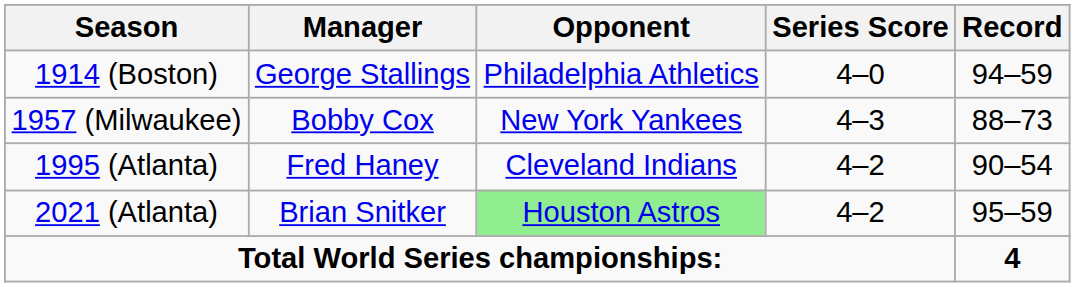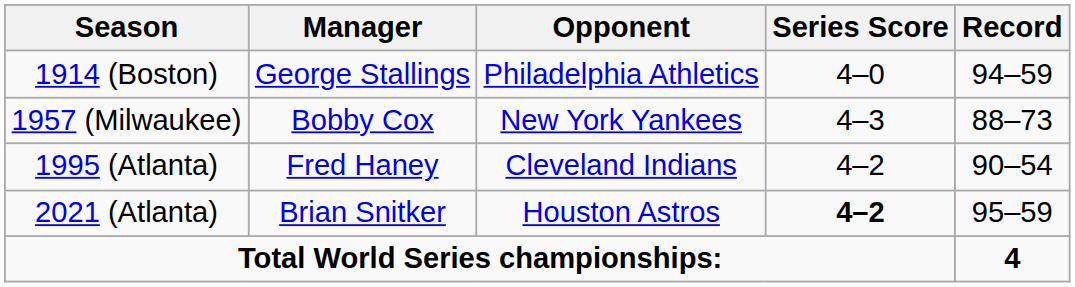 <table class=wikitable>
 <tr>
 <th>Season</th>
 <th>Manager</th>
 <th>Opponent</th>
 <th>Series Score</th>
 <th>Record</th>
 </tr>
 <tr style="text-align:center;">
 <td><a href='#'>1914</a> (Boston)</td>
 <td><a href='#'>George Stallings</a></td>
 <td><a href='#'>Philadelphia Athletics</a></td>
 <td>4–0</td>
 <td>94–59</td>
 </tr>
 <tr style="text-align:center;">
 <td><a href='#'>1957</a> (Milwaukee)</td>
 <td><a href='#'>Bobby Cox</a></td>
 <td><a href='#'>New York Yankees</a></td>
 <td>4–3</td>
 <td>88–73</td>
 </tr>
 <tr style="text-align:center;">
 <td><a href='#'>1995</a> (Atlanta)</td>
 <td><a href='#'>Fred Haney</a></td>
 <td><a href='#'>Cleveland Indians</a></td>
 <td>4–2</td>
 <td>90–54</td>
 </tr>
 <tr style="text-align:center;">
 <td><a href='#'>2021</a> (Atlanta)</td>
 <td><a href='#'>Brian Snitker</a></td>
-<td style="background: lightgreen;"><a href='#'>Houston Astros</a></td>
-<td>4–2</td>
+<td><a href='#'>Houston Astros</a></td>
+<td><strong>4–2</strong></td>
 <td>95–59</td>
 </tr>
 <tr style="text-align:center; ">
 <td colspan="4"><strong>Total World Series championships:</strong></td>
 <td><span><strong>4</strong></span></td>
 </tr>
 </table>
